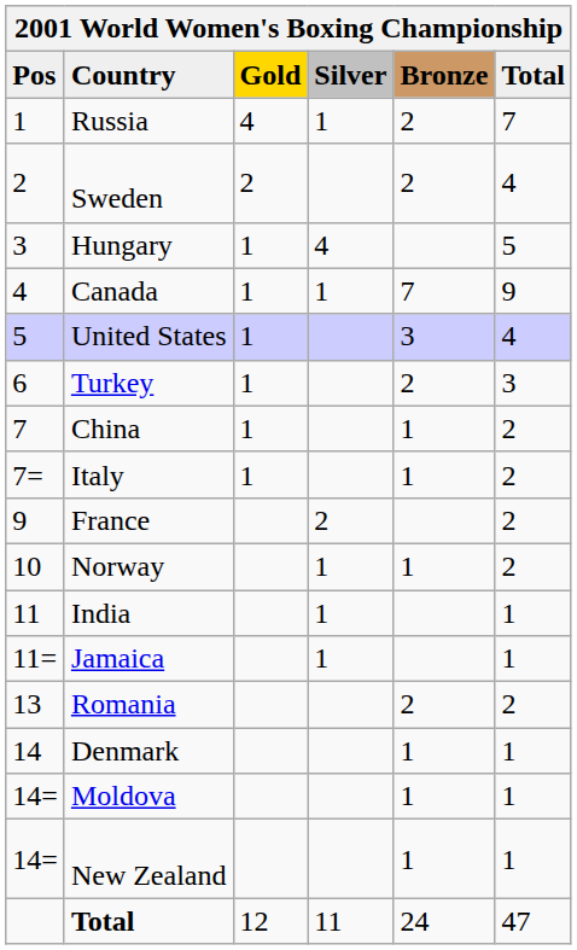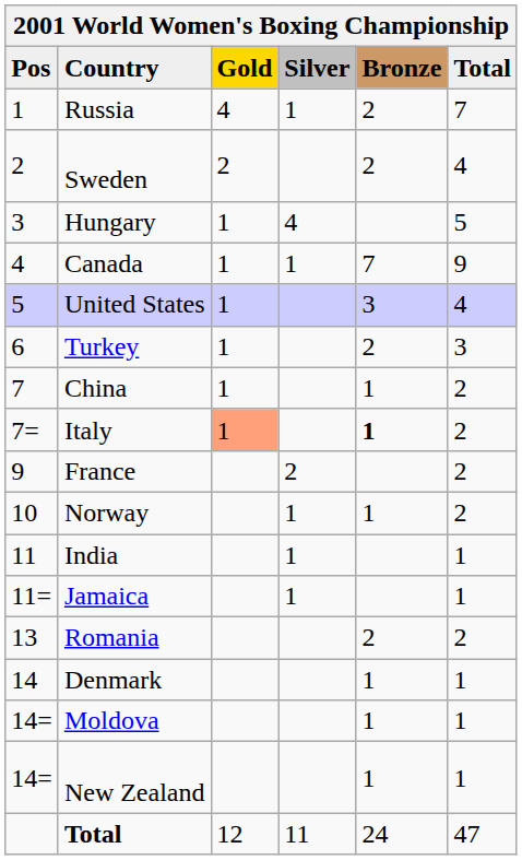 <table class="wikitable">
 <tr bgcolor="#efefef">
 <th colspan=7 style="border-right:0px;";><strong>2001 World Women's Boxing Championship</strong></th>
 </tr>
 <tr bgcolor="#efefef">
 <td><strong>Pos</strong></td>
 <td><strong>Country</strong></td>
 <td bgcolor="gold"><strong>Gold</strong></td>
 <td bgcolor="silver"><strong>Silver</strong></td>
 <td bgcolor="CC9966"><strong>Bronze</strong></td>
 <td><strong>Total</strong></td>
 </tr>
 <tr>
 <td>1</td>
 <td> Russia</td>
 <td>4</td>
 <td>1</td>
 <td>2</td>
 <td>7</td>
 </tr>
 <tr>
 <td>2</td>
 <td><br> Sweden</td>
 <td>2</td>
 <td></td>
 <td>2</td>
 <td>4</td>
 </tr>
 <tr>
 <td>3</td>
 <td> Hungary</td>
 <td>1</td>
 <td>4</td>
 <td></td>
 <td>5</td>
 </tr>
 <tr>
 <td>4</td>
 <td> Canada</td>
 <td>1</td>
 <td>1</td>
 <td>7</td>
 <td>9</td>
 </tr>
 <tr style="background:#ccccff">
 <td>5</td>
 <td> United States</td>
 <td>1</td>
 <td></td>
 <td>3</td>
 <td>4</td>
 </tr>
 <tr>
 <td>6</td>
 <td> <a href='#'>Turkey</a></td>
 <td>1</td>
 <td></td>
 <td>2</td>
 <td>3</td>
 </tr>
 <tr>
 <td>7</td>
 <td> China</td>
 <td>1</td>
 <td></td>
 <td>1</td>
 <td>2</td>
 </tr>
 <tr>
 <td>7=</td>
 <td> Italy</td>
-<td>1</td>
+<td style="background: lightsalmon;">1</td>
 <td></td>
-<td>1</td>
+<td><strong>1</strong></td>
 <td>2</td>
 </tr>
 <tr>
 <td>9</td>
 <td> France</td>
 <td></td>
 <td>2</td>
 <td></td>
 <td>2</td>
 </tr>
 <tr>
 <td>10</td>
 <td> Norway</td>
 <td></td>
 <td>1</td>
 <td>1</td>
 <td>2</td>
 </tr>
 <tr>
 <td>11</td>
 <td> India</td>
 <td></td>
 <td>1</td>
 <td></td>
 <td>1</td>
 </tr>
 <tr>
 <td>11=</td>
 <td> <a href='#'>Jamaica</a></td>
 <td></td>
 <td>1</td>
 <td></td>
 <td>1</td>
 </tr>
 <tr>
 <td>13</td>
 <td> <a href='#'>Romania</a></td>
 <td></td>
 <td></td>
 <td>2</td>
 <td>2</td>
 </tr>
 <tr>
 <td>14</td>
 <td> Denmark</td>
 <td></td>
 <td></td>
 <td>1</td>
 <td>1</td>
 </tr>
 <tr>
 <td>14=</td>
 <td> <a href='#'>Moldova</a></td>
 <td></td>
 <td></td>
 <td>1</td>
 <td>1</td>
 </tr>
 <tr>
 <td>14=</td>
 <td><br> New Zealand</td>
 <td></td>
 <td></td>
 <td>1</td>
 <td>1</td>
 </tr>
 <tr>
 <td></td>
 <td><strong>Total</strong></td>
 <td>12</td>
 <td>11</td>
 <td>24</td>
 <td>47</td>
 </tr>
 </table>
